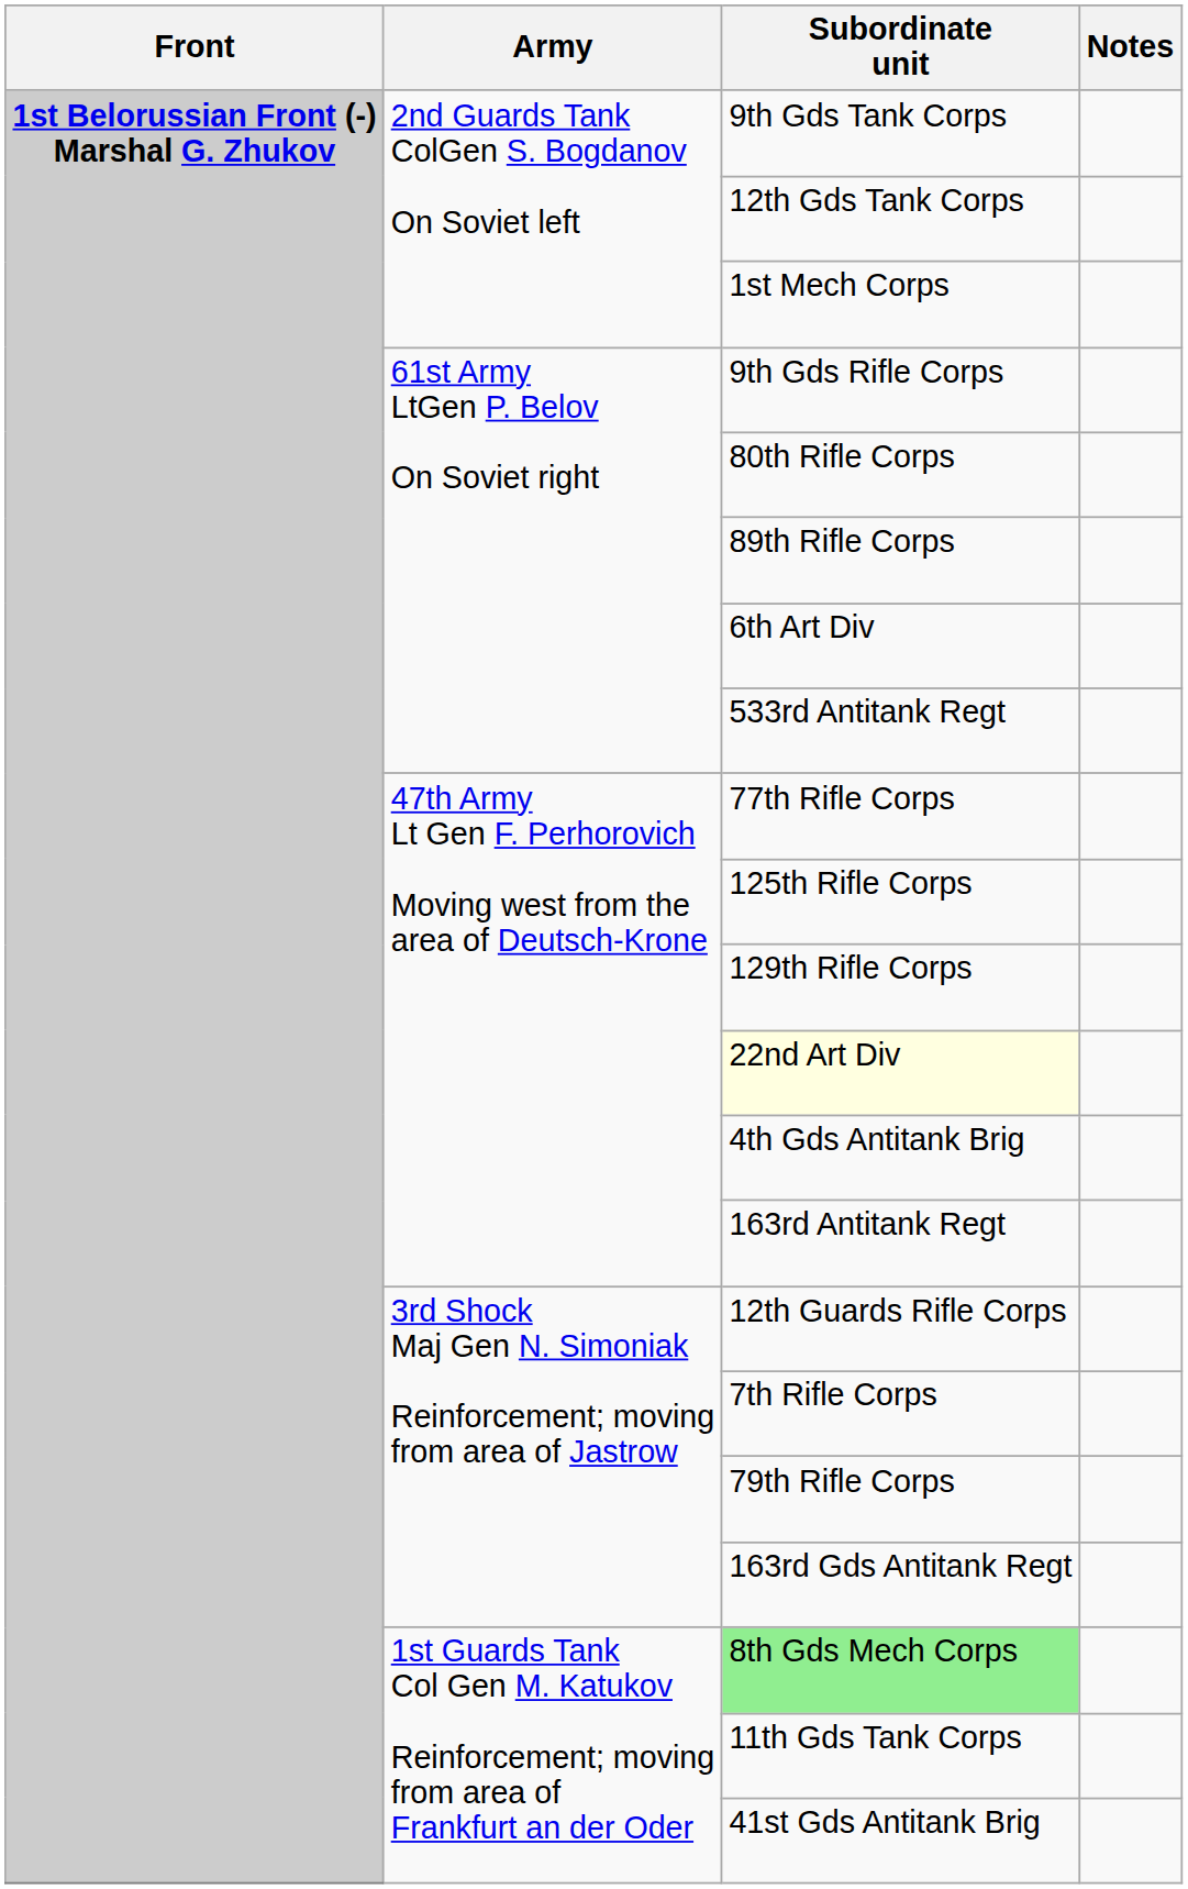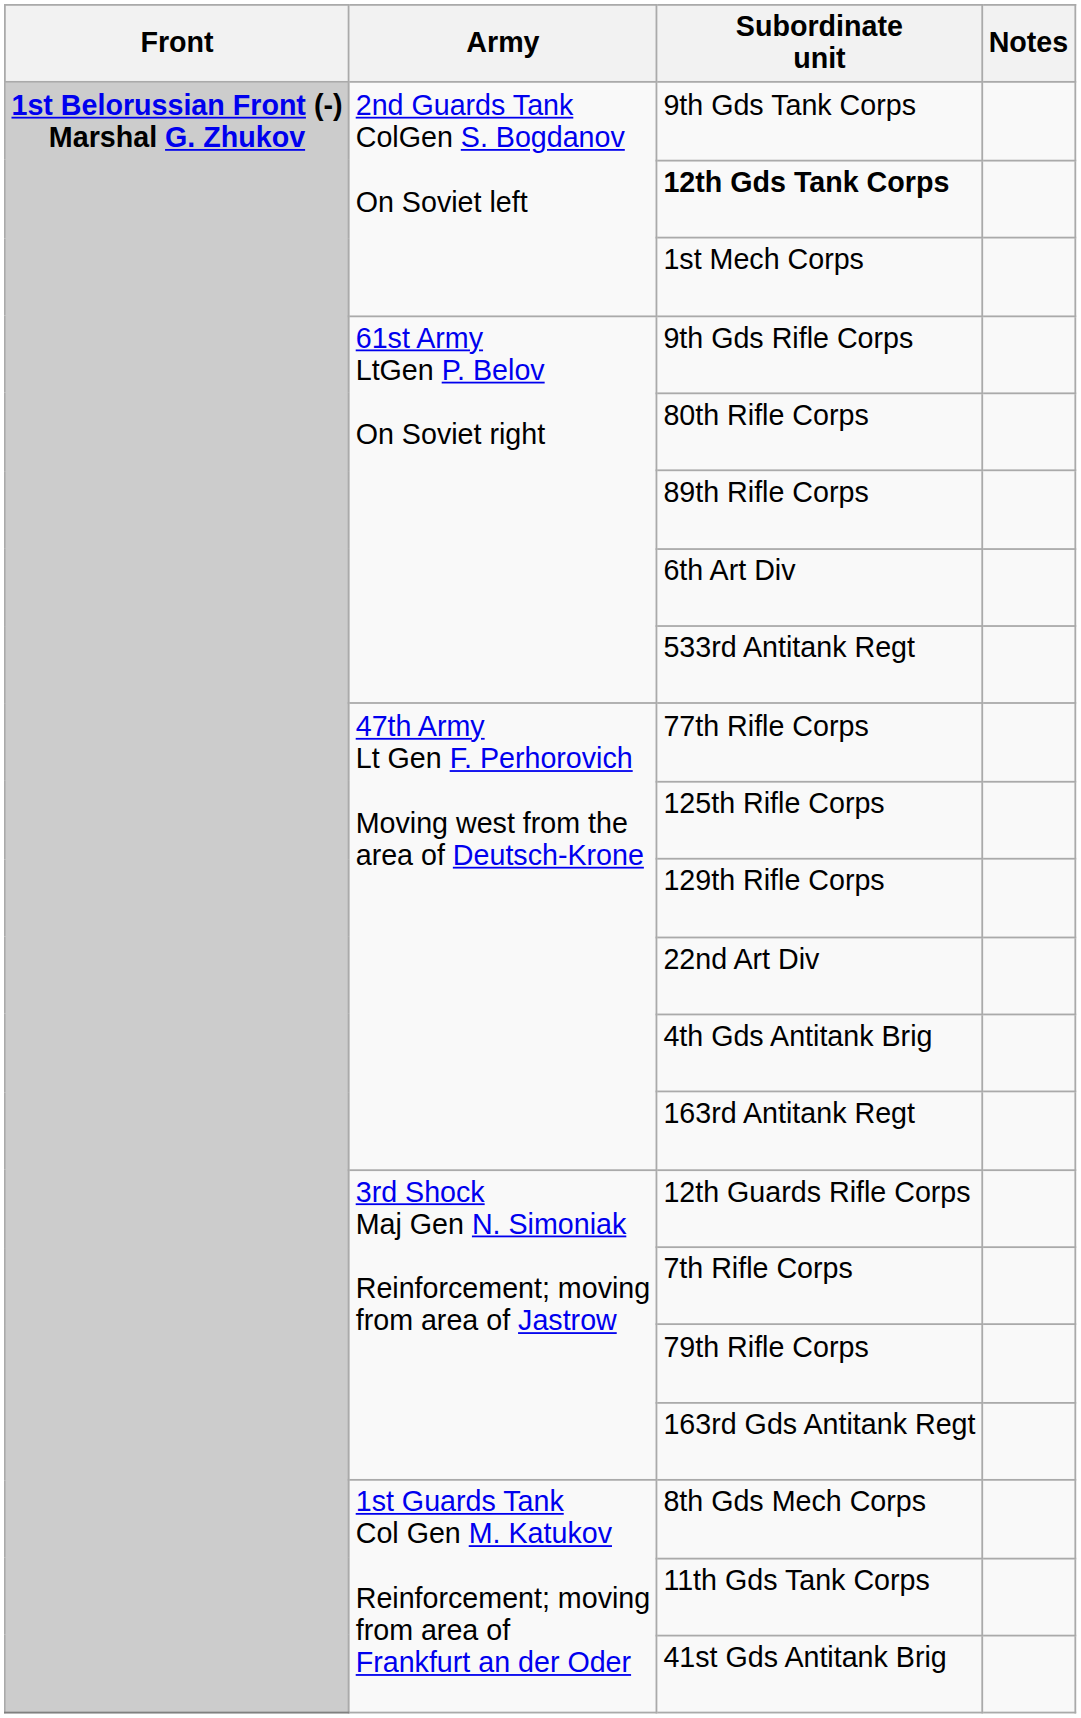 <table class="wikitable">
 <tr>
 <th>Front</th>
 <th>Army</th>
 <th>Subordinate<br>unit</th>
 <th>Notes</th>
 </tr>
 <tr valign="top">
 <th rowspan="21"  style="background:#ccc; border-bottom:1px solid gray;"><strong><a href='#'>1st Belorussian Front</a> (-)</strong><br>Marshal <a href='#'>G. Zhukov</a></th>
 <td ROWSPAN=3><a href='#'>2nd Guards Tank</a><br>ColGen <a href='#'>S. Bogdanov</a><br><br>On Soviet left</td>
 <td>9th Gds Tank Corps<br> </td>
 <td></td>
 </tr>
 <tr valign="top">
-<td>12th Gds Tank Corps<br> </td>
+<td><strong>12th Gds Tank Corps<br> </strong></td>
 <td></td>
 </tr>
 <tr valign="top">
 <td>1st Mech Corps<br> </td>
 <td></td>
 </tr>
 <tr valign="top">
 <td ROWSPAN=5><a href='#'>61st Army</a><br>LtGen <a href='#'>P. Belov</a><br><br>On Soviet right</td>
 <td>9th Gds Rifle Corps<br> </td>
 <td></td>
 </tr>
 <tr valign="top">
 <td>80th Rifle Corps<br><small> </small></td>
 <td></td>
 </tr>
 <tr valign="top">
 <td>89th Rifle Corps<br> </td>
 <td></td>
 </tr>
 <tr valign="top">
 <td>6th Art Div<br> </td>
 <td></td>
 </tr>
 <tr valign="top">
 <td>533rd Antitank Regt<br> </td>
 <td></td>
 </tr>
 <tr valign="top">
 <td ROWSPAN=6><a href='#'>47th Army</a><br>Lt Gen <a href='#'>F. Perhorovich</a><br><br>Moving west from the<br>area of <a href='#'>Deutsch-Krone</a></td>
 <td>77th Rifle Corps<br> </td>
 <td></td>
 </tr>
 <tr valign="top">
 <td>125th Rifle Corps<br> </td>
 <td></td>
 </tr>
 <tr valign="top">
 <td>129th Rifle Corps<br> </td>
 <td></td>
 </tr>
 <tr valign="top">
-<td style="background: lightyellow;">22nd Art Div<br> </td>
+<td>22nd Art Div<br> </td>
 <td></td>
 </tr>
 <tr valign="top">
 <td>4th Gds Antitank Brig<br> </td>
 <td></td>
 </tr>
 <tr valign="top">
 <td>163rd Antitank Regt<br> </td>
 <td></td>
 </tr>
 <tr valign="top">
 <td ROWSPAN=4><a href='#'>3rd Shock</a><br>Maj Gen <a href='#'>N. Simoniak</a><br><br>Reinforcement; moving<br>from area of <a href='#'>Jastrow</a></td>
 <td>12th Guards Rifle Corps<br><small> </small></td>
 <td></td>
 </tr>
 <tr valign="top">
 <td>7th Rifle Corps<br><small> </small></td>
 <td></td>
 </tr>
 <tr valign="top">
 <td>79th Rifle Corps<br><small> </small></td>
 <td></td>
 </tr>
 <tr valign="top">
 <td>163rd Gds Antitank Regt<br><small> </small></td>
 <td></td>
 </tr>
 <tr valign="top">
 <td ROWSPAN=3><a href='#'>1st Guards Tank</a><br>Col Gen <a href='#'>M. Katukov</a><br><br>Reinforcement; moving<br>from area of<br><a href='#'>Frankfurt an der Oder</a></td>
-<td style="background: lightgreen;">8th Gds Mech Corps<br><small> </small></td>
+<td>8th Gds Mech Corps<br><small> </small></td>
 <td></td>
 </tr>
 <tr valign="top">
 <td>11th Gds Tank Corps<br><small> </small></td>
 <td></td>
 </tr>
 <tr valign="top">
 <td>41st Gds Antitank Brig<br><small> </small></td>
 <td></td>
 </tr>
 </table>
